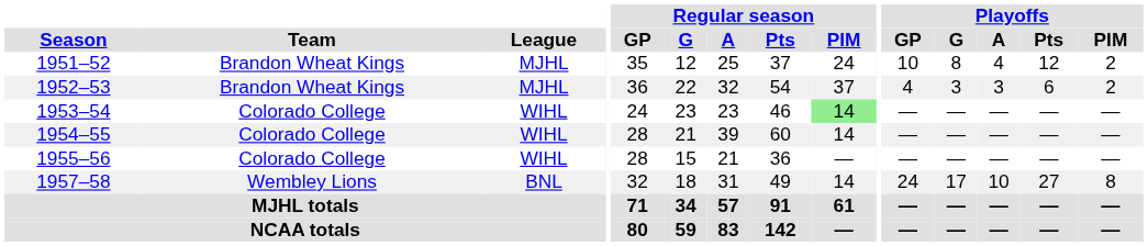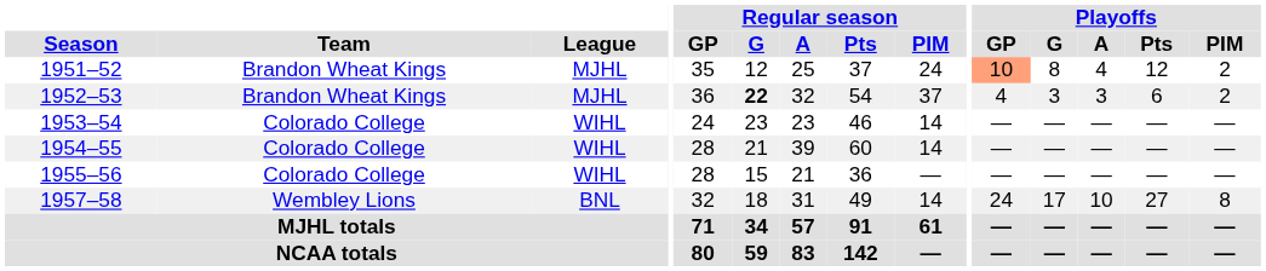 <table border="0" cellpadding="1" cellspacing="0" style="text-align:center; width:60em">
 <tr bgcolor="#e0e0e0">
 <th colspan="3" bgcolor="#ffffff"></th>
 <th rowspan="99" bgcolor="#ffffff"></th>
 <th colspan="5"><a href='#'>Regular season</a></th>
 <th rowspan="99" bgcolor="#ffffff"></th>
 <th colspan="5"><a href='#'>Playoffs</a></th>
 </tr>
 <tr bgcolor="#e0e0e0">
 <th><a href='#'>Season</a></th>
 <th>Team</th>
 <th>League</th>
 <th>GP</th>
 <th><a href='#'>G</a></th>
 <th><a href='#'>A</a></th>
 <th><a href='#'>Pts</a></th>
 <th><a href='#'>PIM</a></th>
 <th>GP</th>
 <th>G</th>
 <th>A</th>
 <th>Pts</th>
 <th>PIM</th>
 </tr>
 <tr>
 <td><a href='#'>1951–52</a></td>
 <td><a href='#'>Brandon Wheat Kings</a></td>
 <td><a href='#'>MJHL</a></td>
 <td>35</td>
 <td>12</td>
 <td>25</td>
 <td>37</td>
 <td>24</td>
-<td>10</td>
+<td style="background: lightsalmon;">10</td>
 <td>8</td>
 <td>4</td>
 <td>12</td>
 <td>2</td>
 </tr>
 <tr bgcolor="f0f0f0">
 <td><a href='#'>1952–53</a></td>
 <td><a href='#'>Brandon Wheat Kings</a></td>
 <td><a href='#'>MJHL</a></td>
 <td>36</td>
-<td>22</td>
+<td><strong>22</strong></td>
 <td>32</td>
 <td>54</td>
 <td>37</td>
 <td>4</td>
 <td>3</td>
 <td>3</td>
 <td>6</td>
 <td>2</td>
 </tr>
 <tr>
 <td><a href='#'>1953–54</a></td>
 <td><a href='#'>Colorado College</a></td>
 <td><a href='#'>WIHL</a></td>
 <td>24</td>
 <td>23</td>
 <td>23</td>
 <td>46</td>
-<td style="background: lightgreen;">14</td>
+<td>14</td>
 <td>—</td>
 <td>—</td>
 <td>—</td>
 <td>—</td>
 <td>—</td>
 </tr>
 <tr bgcolor="f0f0f0">
 <td><a href='#'>1954–55</a></td>
 <td><a href='#'>Colorado College</a></td>
 <td><a href='#'>WIHL</a></td>
 <td>28</td>
 <td>21</td>
 <td>39</td>
 <td>60</td>
 <td>14</td>
 <td>—</td>
 <td>—</td>
 <td>—</td>
 <td>—</td>
 <td>—</td>
 </tr>
 <tr>
 <td><a href='#'>1955–56</a></td>
 <td><a href='#'>Colorado College</a></td>
 <td><a href='#'>WIHL</a></td>
 <td>28</td>
 <td>15</td>
 <td>21</td>
 <td>36</td>
 <td>—</td>
 <td>—</td>
 <td>—</td>
 <td>—</td>
 <td>—</td>
 <td>—</td>
 </tr>
 <tr bgcolor="f0f0f0">
 <td><a href='#'>1957–58</a></td>
 <td><a href='#'>Wembley Lions</a></td>
 <td><a href='#'>BNL</a></td>
 <td>32</td>
 <td>18</td>
 <td>31</td>
 <td>49</td>
 <td>14</td>
 <td>24</td>
 <td>17</td>
 <td>10</td>
 <td>27</td>
 <td>8</td>
 </tr>
 <tr bgcolor="#e0e0e0">
 <th colspan="3">MJHL totals</th>
 <th>71</th>
 <th>34</th>
 <th>57</th>
 <th>91</th>
 <th>61</th>
 <th>—</th>
 <th>—</th>
 <th>—</th>
 <th>—</th>
 <th>—</th>
 </tr>
 <tr bgcolor="#e0e0e0">
 <th colspan="3">NCAA totals</th>
 <th>80</th>
 <th>59</th>
 <th>83</th>
 <th>142</th>
 <th>—</th>
 <th>—</th>
 <th>—</th>
 <th>—</th>
 <th>—</th>
 <th>—</th>
 </tr>
 </table>
